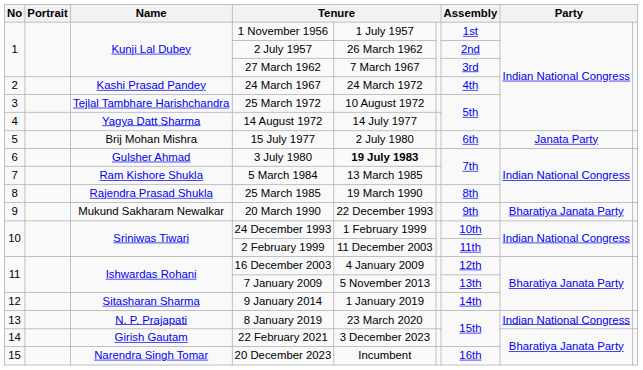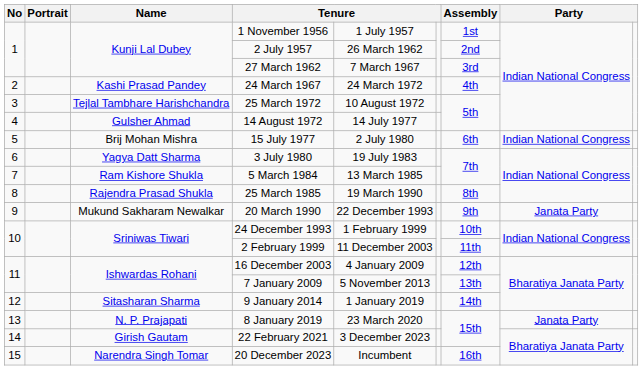 <table class="wikitable">
 <tr>
 <th>No</th>
 <th>Portrait</th>
 <th>Name</th>
 <th colspan="3">Tenure</th>
 <th>Assembly</th>
 <th colspan="2" scope="col">Party</th>
 </tr>
 <tr style="text-align:center;">
 <td rowspan="3">1</td>
 <td rowspan="3"></td>
 <td rowspan="3"><a href='#'>Kunji Lal Dubey</a></td>
 <td>1 November 1956</td>
 <td>1 July 1957</td>
 <td rowspan="3"></td>
 <td><a href='#'>1st</a></td>
 <td rowspan="6"><a href='#'>Indian National Congress</a></td>
 <td rowspan="6" style="background-color: "></td>
 </tr>
 <tr style="text-align:center;">
 <td>2 July 1957</td>
 <td>26 March 1962</td>
 <td><a href='#'>2nd</a></td>
 </tr>
 <tr style="text-align:center;">
 <td>27 March 1962</td>
 <td>7 March 1967</td>
 <td><a href='#'>3rd</a></td>
 </tr>
 <tr style="text-align:center;">
 <td>2</td>
 <td></td>
 <td><a href='#'>Kashi Prasad Pandey</a></td>
 <td>24 March 1967</td>
 <td>24 March 1972</td>
 <td></td>
 <td><a href='#'>4th</a></td>
 </tr>
 <tr style="text-align:center;">
 <td>3</td>
 <td></td>
 <td><a href='#'>Tejlal Tambhare Harishchandra</a></td>
 <td>25 March 1972</td>
 <td>10 August 1972</td>
 <td></td>
 <td rowspan="2"><a href='#'>5th</a></td>
 </tr>
 <tr style="text-align:center;">
 <td>4</td>
 <td></td>
-<td><a href='#'>Yagya Datt Sharma</a></td>
+<td><a href='#'>Gulsher Ahmad</a></td>
 <td>14 August 1972</td>
 <td>14 July 1977</td>
 <td></td>
 </tr>
 <tr style="text-align:center;">
 <td>5</td>
 <td></td>
 <td>Brij Mohan Mishra</td>
 <td>15 July 1977</td>
 <td>2 July 1980</td>
 <td></td>
 <td><a href='#'>6th</a></td>
-<td><a href='#'>Janata Party</a></td>
+<td><a href='#'>Indian National Congress</a></td>
 <td style="background-color: "></td>
 </tr>
 <tr style="text-align:center;">
 <td>6</td>
 <td></td>
-<td><a href='#'>Gulsher Ahmad</a></td>
+<td><a href='#'>Yagya Datt Sharma</a></td>
 <td>3 July 1980</td>
-<td><strong>19 July 1983</strong></td>
+<td>19 July 1983</td>
 <td></td>
 <td rowspan="2"><a href='#'>7th</a></td>
 <td rowspan="3"><a href='#'>Indian National Congress</a></td>
 <td rowspan="3" style="background-color: "></td>
 </tr>
 <tr style="text-align:center;">
 <td>7</td>
 <td></td>
 <td><a href='#'>Ram Kishore Shukla</a></td>
 <td>5 March 1984</td>
 <td>13 March 1985</td>
 <td></td>
 </tr>
 <tr style="text-align:center;">
 <td>8</td>
 <td></td>
 <td><a href='#'>Rajendra Prasad Shukla</a></td>
 <td>25 March 1985</td>
 <td>19 March 1990</td>
 <td></td>
 <td><a href='#'>8th</a></td>
 </tr>
 <tr style="text-align:center;">
 <td>9</td>
 <td></td>
 <td>Mukund Sakharam Newalkar</td>
 <td>20 March 1990</td>
 <td>22 December 1993</td>
 <td></td>
 <td><a href='#'>9th</a></td>
-<td><a href='#'>Bharatiya Janata Party</a></td>
+<td><a href='#'>Janata Party</a></td>
 <td style="background-color: "></td>
 </tr>
 <tr style="text-align:center;">
 <td rowspan="2">10</td>
 <td rowspan="2"></td>
 <td rowspan="2"><a href='#'>Sriniwas Tiwari</a></td>
 <td>24 December 1993</td>
 <td>1 February 1999</td>
 <td rowspan="2"></td>
 <td><a href='#'>10th</a></td>
 <td rowspan="2"><a href='#'>Indian National Congress</a></td>
 <td rowspan="2" style="background-color: "></td>
 </tr>
 <tr style="text-align:center;">
 <td>2 February 1999</td>
 <td>11 December 2003</td>
 <td><a href='#'>11th</a></td>
 </tr>
 <tr style="text-align:center;">
 <td rowspan="2">11</td>
 <td rowspan="2"></td>
 <td rowspan="2"><a href='#'>Ishwardas Rohani</a></td>
 <td>16 December 2003</td>
 <td>4 January 2009</td>
 <td rowspan="2"></td>
 <td><a href='#'>12th</a></td>
 <td rowspan="3"><a href='#'>Bharatiya Janata Party</a></td>
 <td rowspan="3" style="background-color: "></td>
 </tr>
 <tr style="text-align:center;">
 <td>7 January 2009</td>
 <td>5 November 2013</td>
 <td><a href='#'>13th</a></td>
 </tr>
 <tr style="text-align:center;">
 <td>12</td>
 <td></td>
 <td><a href='#'>Sitasharan Sharma</a></td>
 <td>9 January 2014</td>
 <td>1 January 2019</td>
 <td></td>
 <td><a href='#'>14th</a></td>
 </tr>
 <tr style="text-align:center;">
 <td>13</td>
 <td></td>
 <td><a href='#'>N. P. Prajapati</a></td>
 <td>8 January 2019</td>
 <td>23 March 2020</td>
 <td></td>
 <td rowspan="2"><a href='#'>15th</a></td>
-<td><a href='#'>Indian National Congress</a></td>
+<td><a href='#'>Janata Party</a></td>
 <td style="background-color: "></td>
 </tr>
 <tr style="text-align:center;">
 <td>14</td>
 <td></td>
 <td><a href='#'>Girish Gautam</a></td>
 <td>22 February 2021</td>
 <td>3 December 2023</td>
 <td></td>
 <td rowspan="2"><a href='#'>Bharatiya Janata Party</a></td>
 <td rowspan="2" style="background-color: "></td>
 </tr>
 <tr style="text-align:center;">
 <td>15</td>
 <td></td>
 <td><a href='#'>Narendra Singh Tomar</a></td>
 <td>20 December 2023</td>
 <td>Incumbent</td>
 <td></td>
 <td rowspan="2"><a href='#'>16th</a></td>
 </tr>
 </table>
